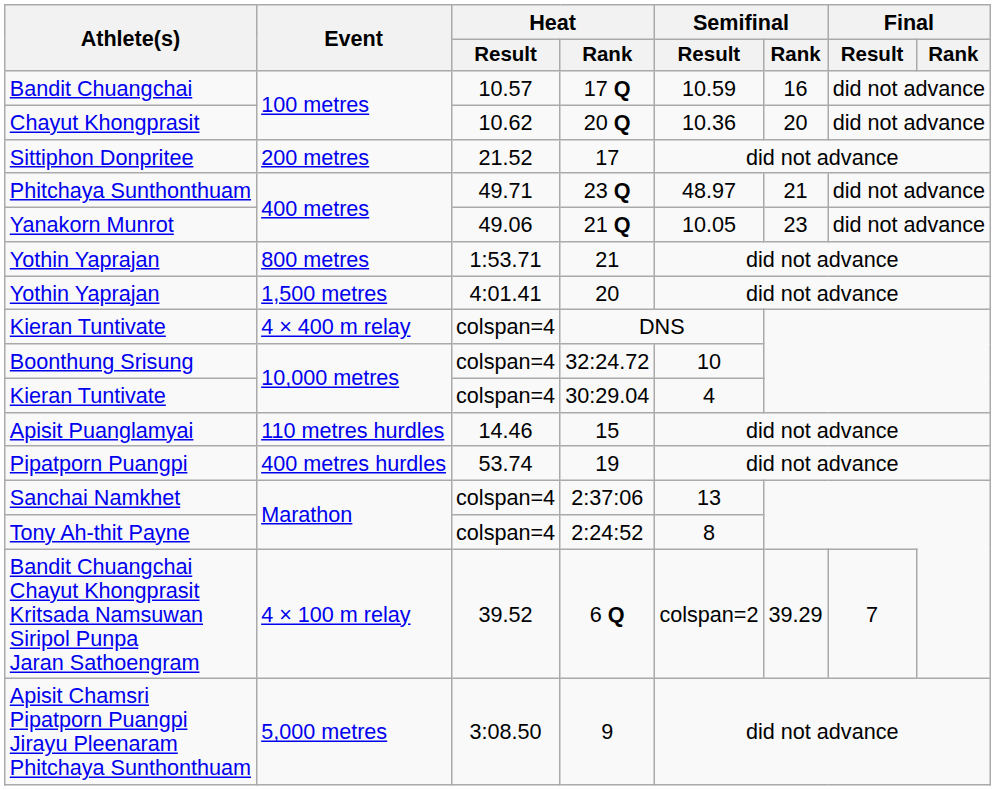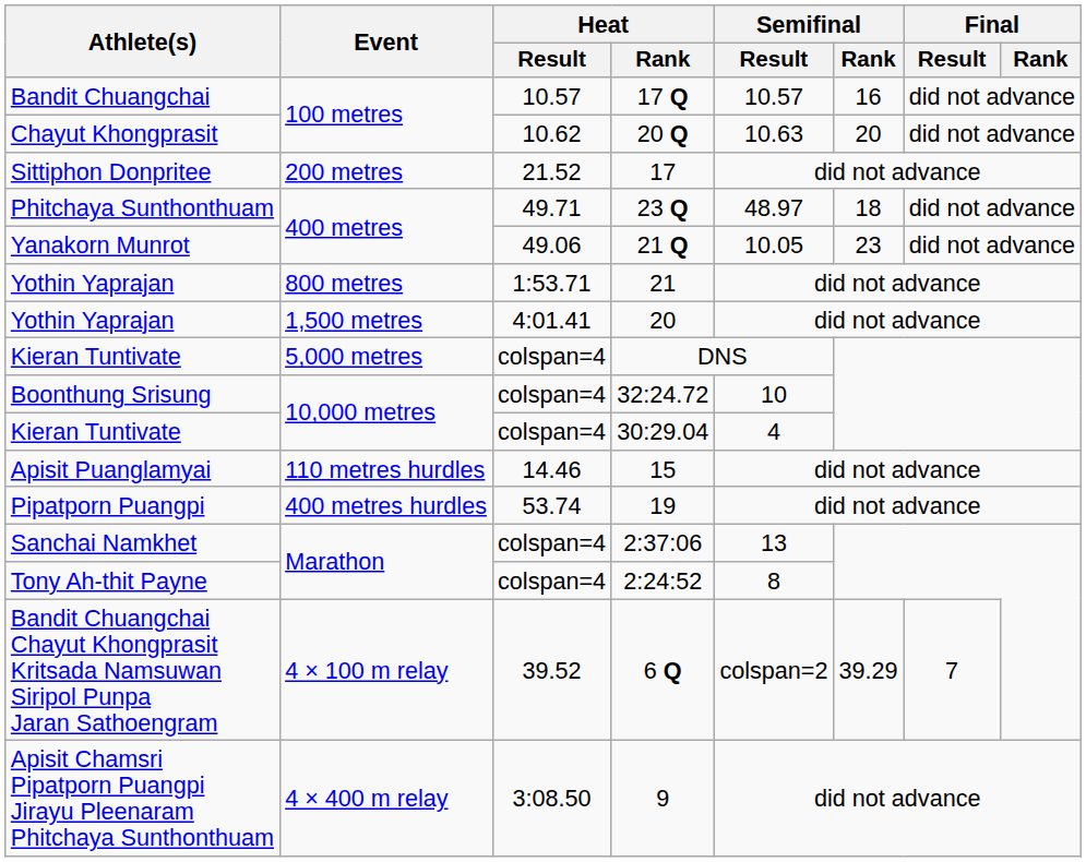 <table class="wikitable" style="font-size:90%">
 <tr>
 <th rowspan="2">Athlete(s)</th>
 <th rowspan="2">Event</th>
 <th colspan="2">Heat</th>
 <th colspan="2">Semifinal</th>
 <th colspan="2">Final</th>
 </tr>
 <tr style="font-size:95%">
 <th>Result</th>
 <th>Rank</th>
 <th>Result</th>
 <th>Rank</th>
 <th>Result</th>
 <th>Rank</th>
 </tr>
 <tr align=center>
 <td align=left><a href='#'>Bandit Chuangchai</a></td>
 <td style="text-align:left;" rowspan="2"><a href='#'>100 metres</a></td>
 <td>10.57</td>
 <td>17 <strong>Q</strong></td>
-<td>10.59</td>
+<td>10.57</td>
 <td>16</td>
 <td colspan=2>did not advance</td>
 </tr>
 <tr align=center>
 <td align=left><a href='#'>Chayut Khongprasit</a></td>
 <td>10.62</td>
 <td>20 <strong>Q</strong></td>
-<td>10.36</td>
+<td>10.63</td>
 <td>20</td>
 <td colspan=2>did not advance</td>
 </tr>
 <tr align=center>
 <td align=left><a href='#'>Sittiphon Donpritee</a></td>
 <td style="text-align:left;" rowspan="1"><a href='#'>200 metres</a></td>
 <td>21.52</td>
 <td>17</td>
 <td colspan=4>did not advance</td>
 </tr>
 <tr align=center>
 <td align=left><a href='#'>Phitchaya Sunthonthuam</a></td>
 <td style="text-align:left;" rowspan="2"><a href='#'>400 metres</a></td>
 <td>49.71</td>
 <td>23 <strong>Q</strong></td>
 <td>48.97</td>
-<td>21</td>
+<td>18</td>
 <td colspan=4>did not advance</td>
 </tr>
 <tr align=center>
 <td align=left><a href='#'>Yanakorn Munrot</a></td>
 <td>49.06</td>
 <td>21 <strong>Q</strong></td>
 <td>10.05</td>
 <td>23</td>
 <td colspan=4>did not advance</td>
 </tr>
 <tr align=center>
 <td align=left><a href='#'>Yothin Yaprajan</a></td>
 <td style="text-align:left;"><a href='#'>800 metres</a></td>
 <td>1:53.71</td>
 <td>21</td>
 <td colspan=4>did not advance</td>
 </tr>
 <tr align=center>
 <td align=left><a href='#'>Yothin Yaprajan</a></td>
 <td style="text-align:left;"><a href='#'>1,500 metres</a></td>
 <td>4:01.41</td>
 <td>20</td>
 <td colspan=4>did not advance</td>
 </tr>
 <tr align=center>
 <td align=left><a href='#'>Kieran Tuntivate</a></td>
-<td style="text-align:left;"><a href='#'>4 × 400 m relay</a></td>
+<td style="text-align:left;"><a href='#'>5,000 metres</a></td>
 <td>colspan=4 </td>
 <td colspan=2>DNS</td>
 </tr>
 <tr align=center>
 <td align=left><a href='#'>Boonthung Srisung</a></td>
 <td style="text-align:left;" rowspan="2"><a href='#'>10,000 metres</a></td>
 <td>colspan=4 </td>
 <td>32:24.72</td>
 <td>10</td>
 </tr>
 <tr align=center>
 <td align=left><a href='#'>Kieran Tuntivate</a></td>
 <td>colspan=4 </td>
 <td>30:29.04</td>
 <td>4</td>
 </tr>
 <tr align=center>
 <td align=left><a href='#'>Apisit Puanglamyai</a></td>
 <td style="text-align:left;"><a href='#'>110 metres hurdles</a></td>
 <td>14.46</td>
 <td>15</td>
 <td colspan=4>did not advance</td>
 </tr>
 <tr align=center>
 <td align=left><a href='#'>Pipatporn Puangpi</a></td>
 <td style="text-align:left;"><a href='#'>400 metres hurdles</a></td>
 <td>53.74</td>
 <td>19</td>
 <td colspan=4>did not advance</td>
 </tr>
 <tr align=center>
 <td align=left><a href='#'>Sanchai Namkhet</a></td>
 <td style="text-align:left;" rowspan="2"><a href='#'>Marathon</a></td>
 <td>colspan=4 </td>
 <td>2:37:06</td>
 <td>13</td>
 </tr>
 <tr align=center>
 <td align=left><a href='#'>Tony Ah-thit Payne</a></td>
 <td>colspan=4 </td>
 <td>2:24:52</td>
 <td>8</td>
 </tr>
 <tr align=center>
 <td align=left><a href='#'>Bandit Chuangchai</a><br><a href='#'>Chayut Khongprasit</a><br><a href='#'>Kritsada Namsuwan</a><br><a href='#'>Siripol Punpa</a><br><a href='#'>Jaran Sathoengram</a></td>
 <td style="text-align:left;"><a href='#'>4 × 100 m relay</a></td>
 <td>39.52</td>
 <td>6 <strong>Q</strong></td>
 <td>colspan=2 </td>
 <td>39.29</td>
 <td>7</td>
 </tr>
 <tr align=center>
 <td align=left><a href='#'>Apisit Chamsri</a><br><a href='#'>Pipatporn Puangpi</a><br><a href='#'>Jirayu Pleenaram</a><br><a href='#'>Phitchaya Sunthonthuam</a></td>
-<td style="text-align:left;"><a href='#'>5,000 metres</a></td>
+<td style="text-align:left;"><a href='#'>4 × 400 m relay</a></td>
 <td>3:08.50</td>
 <td>9</td>
 <td colspan=4>did not advance</td>
 </tr>
 </table>
